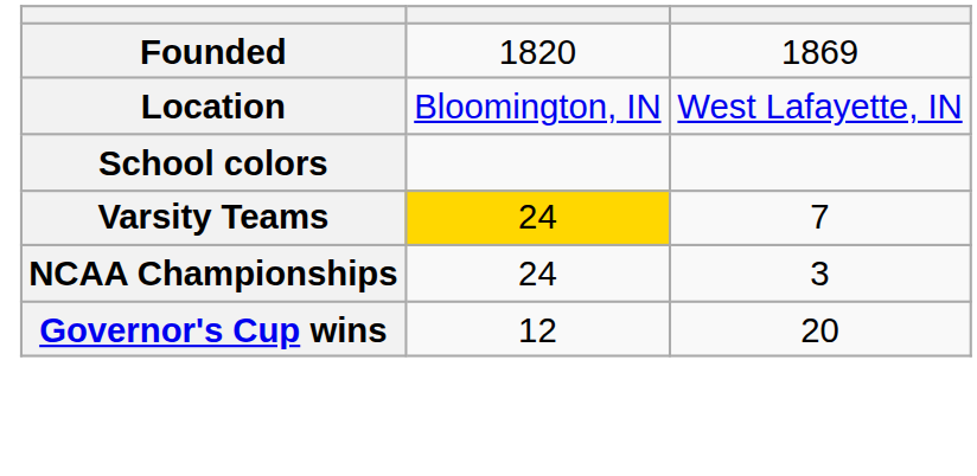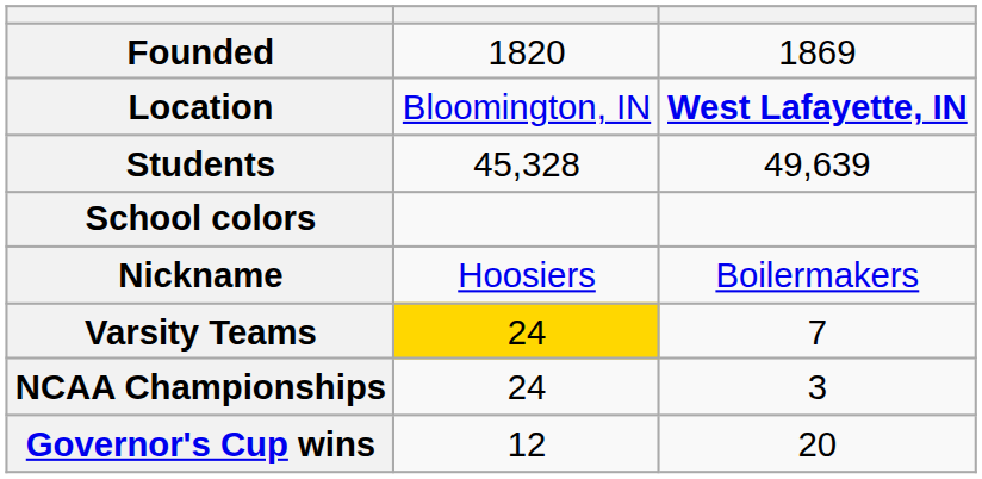 <table class="wikitable" style="float:right; clear:right; margin-left:1em; font-size:88%;">
 <tr>
 <th></th>
 <th><a href='#'></a></th>
 <th><a href='#'></a></th>
 </tr>
 <tr>
 <th scope=row>Founded</th>
 <td align=center>1820</td>
 <td align=center>1869</td>
 </tr>
 <tr>
 <th scope=row>Location</th>
 <td align=center><a href='#'>Bloomington, IN</a></td>
-<td align=center><a href='#'>West Lafayette, IN</a></td>
+<td align=center><strong><a href='#'>West Lafayette, IN</a></strong></td>
+</tr>
+<tr>
+<th scope=row>Students</th>
+<td align=center>45,328</td>
+<td align=center>49,639</td>
 </tr>
 <tr>
 <th scope=row>School colors</th>
 <td align=center> </td>
 <td align=center> </td>
+</tr>
+<tr>
+<th scope=row>Nickname</th>
+<td align=center><a href='#'>Hoosiers</a></td>
+<td align=center><a href='#'>Boilermakers</a></td>
 </tr>
 <tr>
 <th scope=row>Varsity Teams</th>
 <td align=center style="background: gold;">24</td>
 <td align=center>7</td>
 </tr>
 <tr>
 <th scope=row>NCAA Championships</th>
 <td align=center>24</td>
 <td align=center>3</td>
 </tr>
 <tr>
 <th scope=row><a href='#'>Governor's Cup</a> wins</th>
 <td align=center>12</td>
 <td align=center>20</td>
 </tr>
 </table>
